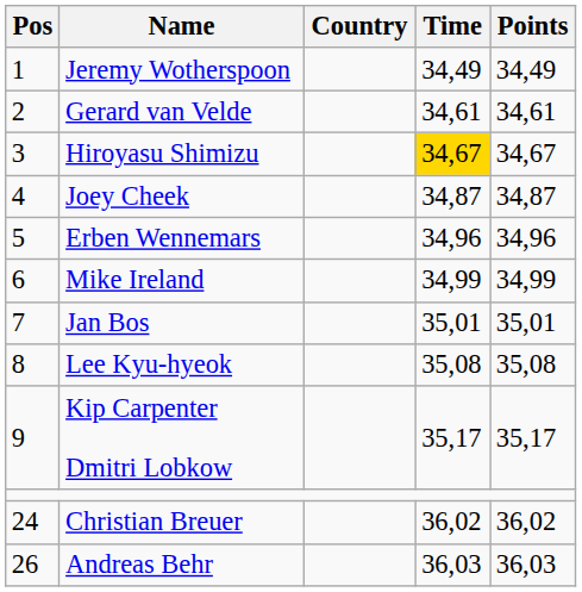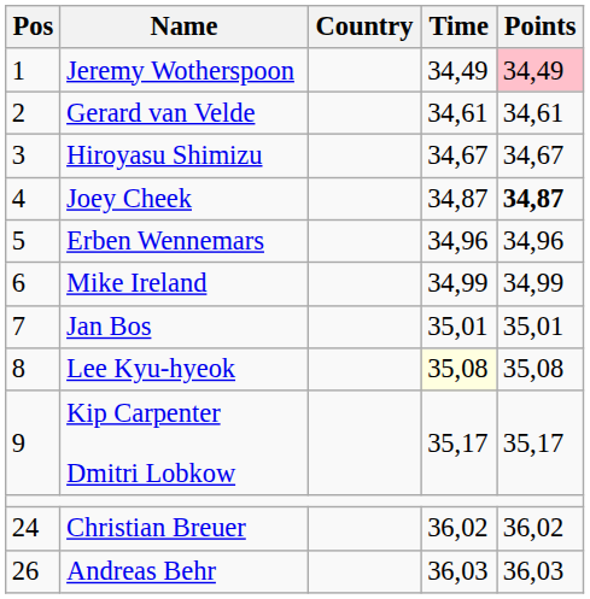 <table class="prettytable" style="width:55%;">
 <tr>
 <th>Pos</th>
 <th>Name</th>
 <th>Country</th>
 <th>Time</th>
 <th>Points</th>
 </tr>
 <tr>
 <td>1</td>
 <td><a href='#'>Jeremy Wotherspoon</a></td>
 <td></td>
 <td>34,49</td>
-<td>34,49</td>
+<td style="background: pink;">34,49</td>
 </tr>
 <tr>
 <td>2</td>
 <td><a href='#'>Gerard van Velde</a></td>
 <td></td>
 <td>34,61</td>
 <td>34,61</td>
 </tr>
 <tr>
 <td>3</td>
 <td><a href='#'>Hiroyasu Shimizu</a></td>
 <td></td>
-<td style="background: gold;">34,67</td>
+<td>34,67</td>
 <td>34,67</td>
 </tr>
 <tr>
 <td>4</td>
 <td><a href='#'>Joey Cheek</a></td>
 <td></td>
 <td>34,87</td>
-<td>34,87</td>
+<td><strong>34,87</strong></td>
 </tr>
 <tr>
 <td>5</td>
 <td><a href='#'>Erben Wennemars</a></td>
 <td></td>
 <td>34,96</td>
 <td>34,96</td>
 </tr>
 <tr>
 <td>6</td>
 <td><a href='#'>Mike Ireland</a></td>
 <td></td>
 <td>34,99</td>
 <td>34,99</td>
 </tr>
 <tr>
 <td>7</td>
 <td><a href='#'>Jan Bos</a></td>
 <td></td>
 <td>35,01</td>
 <td>35,01</td>
 </tr>
 <tr>
 <td>8</td>
 <td><a href='#'>Lee Kyu-hyeok</a></td>
 <td></td>
-<td>35,08</td>
+<td style="background: lightyellow;">35,08</td>
 <td>35,08</td>
 </tr>
 <tr>
 <td>9</td>
 <td><a href='#'>Kip Carpenter</a><br><br><a href='#'>Dmitri Lobkow</a></td>
 <td><br><br></td>
 <td>35,17</td>
 <td>35,17</td>
 </tr>
 <tr>
 <td colspan="5"></td>
 </tr>
 <tr>
 <td>24</td>
 <td><a href='#'>Christian Breuer</a></td>
 <td></td>
 <td>36,02</td>
 <td>36,02</td>
 </tr>
 <tr>
 <td>26</td>
 <td><a href='#'>Andreas Behr</a></td>
 <td></td>
 <td>36,03</td>
 <td>36,03</td>
 </tr>
 </table>
